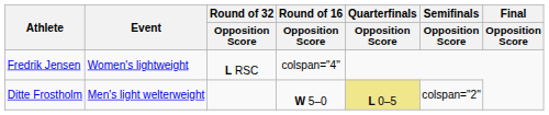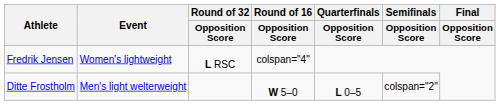 <table class="wikitable" style="font-size:90%; text-align:center;">
 <tr>
 <th rowspan="2">Athlete</th>
 <th rowspan="2">Event</th>
 <th>Round of 32</th>
 <th>Round of 16</th>
 <th>Quarterfinals</th>
 <th>Semifinals</th>
 <th>Final</th>
 </tr>
 <tr style="font-size:95%;">
 <th>Opposition<br>Score</th>
 <th>Opposition<br>Score</th>
 <th>Opposition<br>Score</th>
 <th>Opposition<br>Score</th>
 <th>Opposition<br>Score</th>
 </tr>
 <tr>
 <td style="text-align:left;"><a href='#'>Fredrik Jensen</a></td>
 <td style="text-align:left;"><a href='#'>Women's lightweight</a></td>
 <td><br> <strong>L</strong> RSC</td>
 <td>colspan="4" </td>
 </tr>
 <tr>
 <td style="text-align:left;"><a href='#'>Ditte Frostholm</a></td>
 <td style="text-align:left;"><a href='#'>Men's light welterweight</a></td>
 <td></td>
 <td><br> <strong>W</strong> 5–0</td>
-<td style="background: khaki;"><br> <strong>L</strong> 0–5</td>
+<td><br> <strong>L</strong> 0–5</td>
 <td>colspan="2" </td>
 </tr>
 </table>
